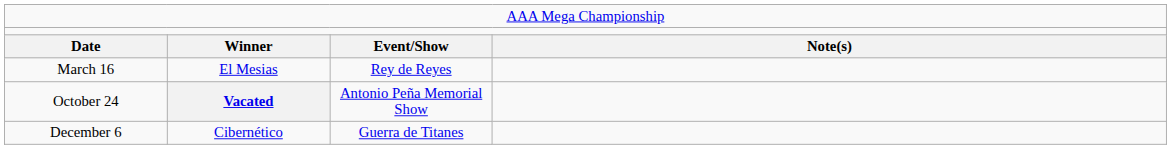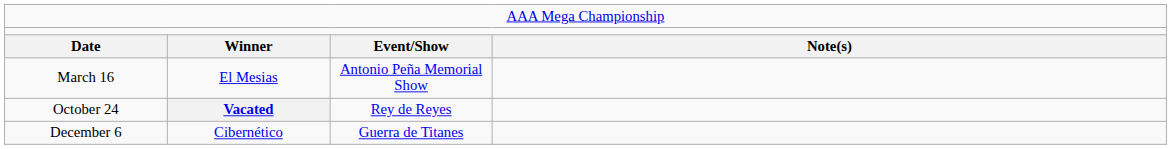 <table class="wikitable" style="text-align:center; width:100%;">
 <tr>
 <td colspan="5"><a href='#'>AAA Mega Championship</a></td>
 </tr>
 <tr>
 <td colspan="5"><strong></strong></td>
 </tr>
 <tr>
 <th width="14%">Date</th>
 <th width="14%">Winner</th>
 <th width="14%">Event/Show</th>
 <th width="58%">Note(s)</th>
 </tr>
 <tr>
 <td>March 16</td>
 <td><a href='#'>El Mesias</a></td>
-<td><a href='#'>Rey de Reyes</a></td>
+<td><a href='#'>Antonio Peña Memorial Show</a></td>
 <td align="left"></td>
 </tr>
 <tr>
 <td>October 24</td>
 <th><a href='#'>Vacated</a></th>
-<td><a href='#'>Antonio Peña Memorial Show</a></td>
+<td><a href='#'>Rey de Reyes</a></td>
 <td align="left"></td>
 </tr>
 <tr>
 <td>December 6</td>
 <td><a href='#'>Cibernético</a></td>
 <td><a href='#'>Guerra de Titanes</a></td>
 <td align="left"></td>
 </tr>
 </table>
